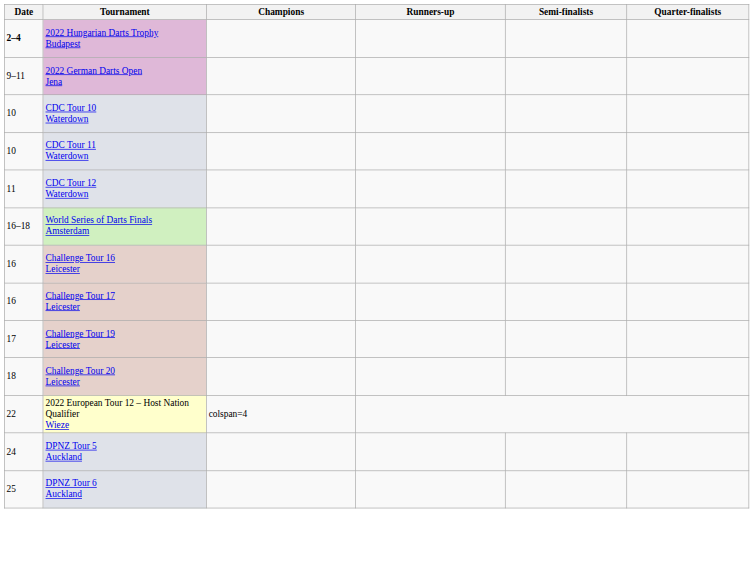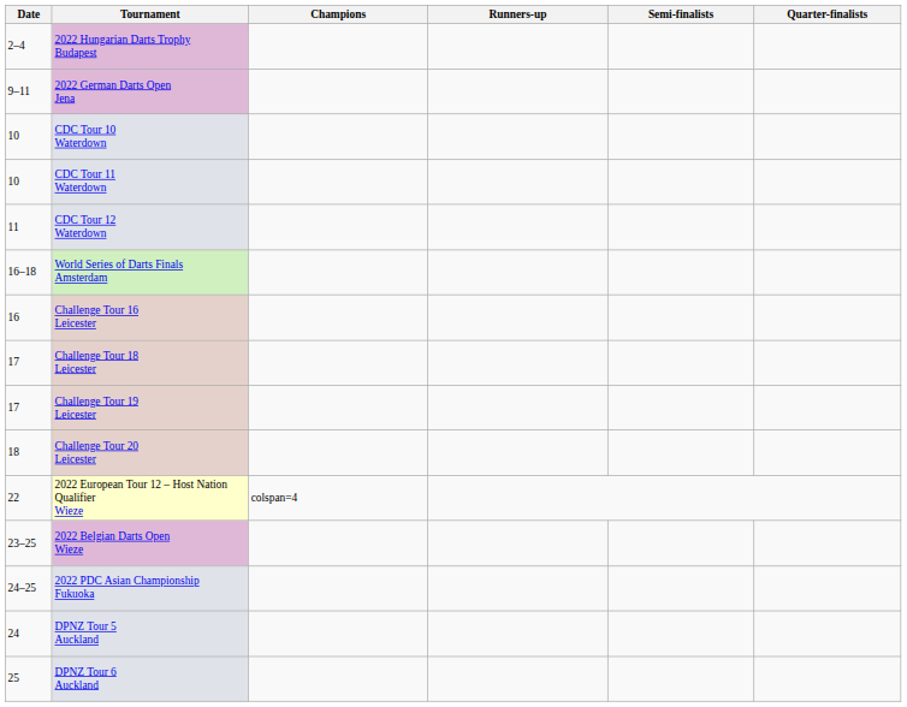 <table class=wikitable style=font-size:85%>
 <tr>
 <th width=50>Date</th>
 <th width=230>Tournament</th>
 <th width=210>Champions</th>
 <th width=210>Runners-up</th>
 <th width=170>Semi-finalists</th>
 <th width=170>Quarter-finalists</th>
 </tr>
 <tr>
-<td><strong>2–4</strong></td>
+<td>2–4</td>
 <td bgcolor="#dfb8d8"><a href='#'>2022 Hungarian Darts Trophy</a> <br>  <a href='#'>Budapest</a></td>
 <td></td>
 <td></td>
 <td> <br> </td>
 <td> <br>  <br>  <br> </td>
 </tr>
 <tr>
 <td>9–11</td>
 <td bgcolor="#dfb8d8"><a href='#'>2022 German Darts Open</a> <br>  <a href='#'>Jena</a></td>
 <td></td>
 <td></td>
 <td> <br> </td>
 <td> <br>  <br>  <br> </td>
 </tr>
 <tr>
 <td>10</td>
 <td bgcolor="#dfe2e9"><a href='#'>CDC Tour 10</a> <br>  <a href='#'>Waterdown</a></td>
 <td></td>
 <td></td>
 <td> <br> </td>
 <td> <br>  <br>  <br> </td>
 </tr>
 <tr>
 <td>10</td>
 <td bgcolor="#dfe2e9"><a href='#'>CDC Tour 11</a> <br>  <a href='#'>Waterdown</a></td>
 <td></td>
 <td></td>
 <td> <br> </td>
 <td> <br>  <br>  <br> </td>
 </tr>
 <tr>
 <td>11</td>
 <td bgcolor="#dfe2e9"><a href='#'>CDC Tour 12</a> <br>  <a href='#'>Waterdown</a></td>
 <td></td>
 <td></td>
 <td> <br> </td>
 <td> <br>  <br>  <br> </td>
 </tr>
 <tr>
 <td>16–18</td>
 <td bgcolor="#d0f0c0"><a href='#'>World Series of Darts Finals</a> <br>  <a href='#'>Amsterdam</a></td>
 <td></td>
 <td></td>
 <td> <br> </td>
 <td> <br>  <br>  <br> </td>
 </tr>
 <tr>
 <td>16</td>
 <td bgcolor="#e5d1cb"><a href='#'>Challenge Tour 16</a> <br>  <a href='#'>Leicester</a></td>
 <td></td>
 <td></td>
 <td> <br> </td>
 <td> <br>  <br>  <br> </td>
 </tr>
 <tr>
-<td>16</td>
-<td bgcolor="#e5d1cb"><a href='#'>Challenge Tour 17</a> <br>  <a href='#'>Leicester</a></td>
+<td>17</td>
+<td bgcolor="#e5d1cb"><a href='#'>Challenge Tour 18</a> <br>  <a href='#'>Leicester</a></td>
 <td></td>
 <td></td>
 <td> <br> </td>
 <td> <br>  <br>  <br> </td>
 </tr>
 <tr>
 <td>17</td>
 <td bgcolor="#e5d1cb"><a href='#'>Challenge Tour 19</a> <br>  <a href='#'>Leicester</a></td>
 <td></td>
 <td></td>
 <td> <br> </td>
 <td> <br>  <br>  <br> </td>
 </tr>
 <tr>
 <td>18</td>
 <td bgcolor="#e5d1cb"><a href='#'>Challenge Tour 20</a> <br>  <a href='#'>Leicester</a></td>
 <td></td>
 <td></td>
 <td> <br> </td>
 <td> <br>  <br>  <br> </td>
 </tr>
 <tr>
 <td>22</td>
 <td bgcolor="ffffcc">2022 European Tour 12 – Host Nation Qualifier <br> <a href='#'>Wieze</a></td>
 <td>colspan=4 </td>
 </tr>
 <tr>
+<td>23–25</td>
+<td bgcolor="#dfb8d8"><a href='#'>2022 Belgian Darts Open</a> <br>  <a href='#'>Wieze</a></td>
+<td></td>
+<td></td>
+<td> <br> </td>
+<td> <br>  <br>  <br> </td>
+</tr>
+<tr>
+<td>24–25</td>
+<td bgcolor="#dfe2e9"><a href='#'>2022 PDC Asian Championship</a> <br>  <a href='#'>Fukuoka</a></td>
+<td></td>
+<td></td>
+<td> <br> </td>
+<td> <br>  <br>  <br> </td>
+</tr>
+<tr>
 <td>24</td>
 <td bgcolor="#dfe2e9"><a href='#'>DPNZ Tour 5</a> <br>  <a href='#'>Auckland</a></td>
 <td></td>
 <td></td>
 <td> <br> </td>
 <td> <br>  <br>  <br> </td>
 </tr>
 <tr>
 <td>25</td>
 <td bgcolor="#dfe2e9"><a href='#'>DPNZ Tour 6</a> <br>  <a href='#'>Auckland</a></td>
 <td></td>
 <td></td>
 <td> <br> </td>
 <td> <br>  <br>  <br> </td>
 </tr>
 </table>
